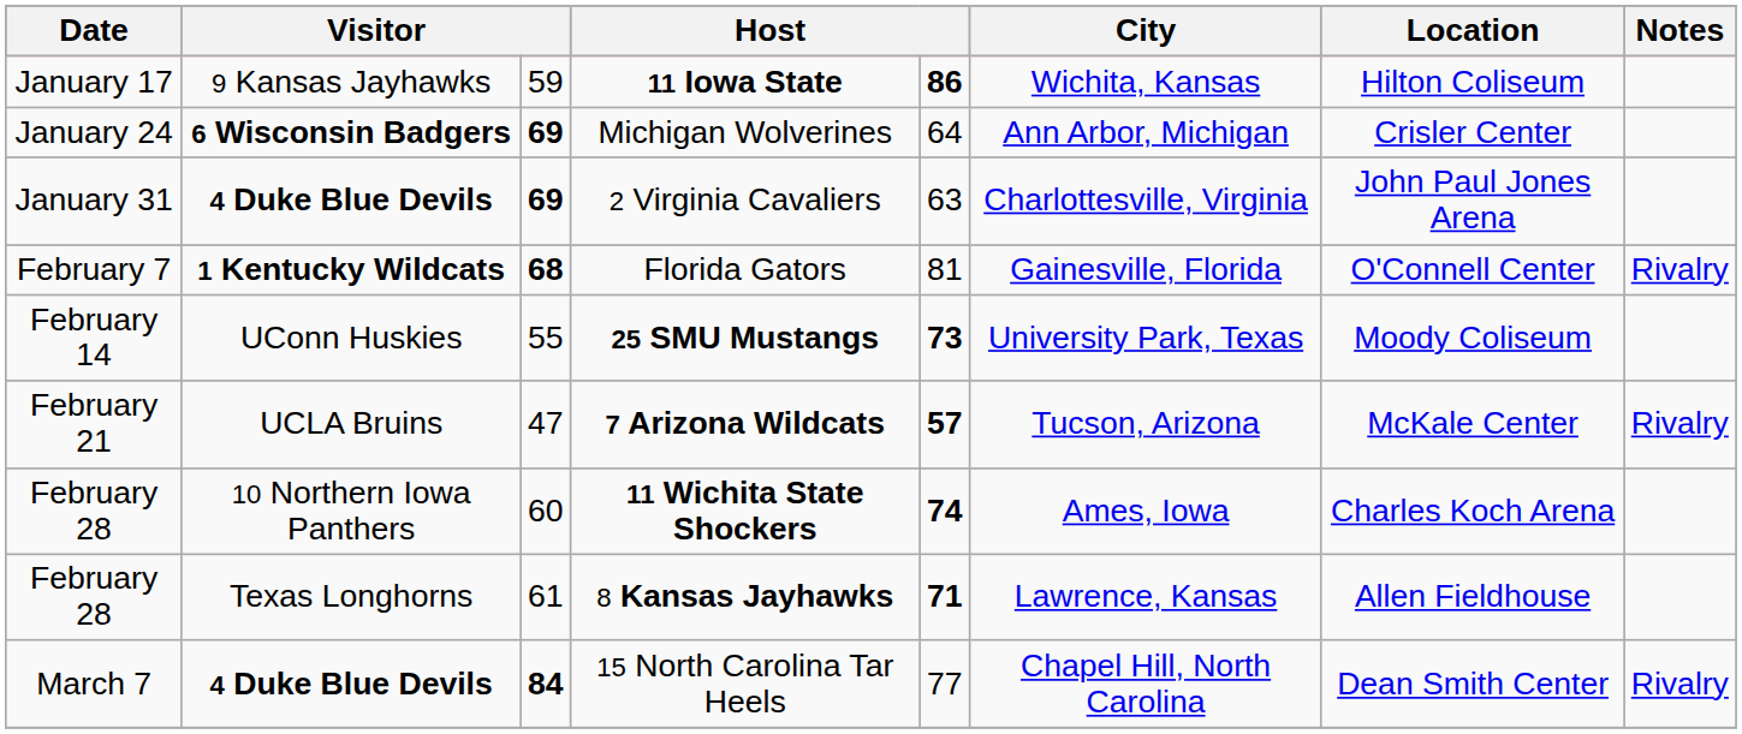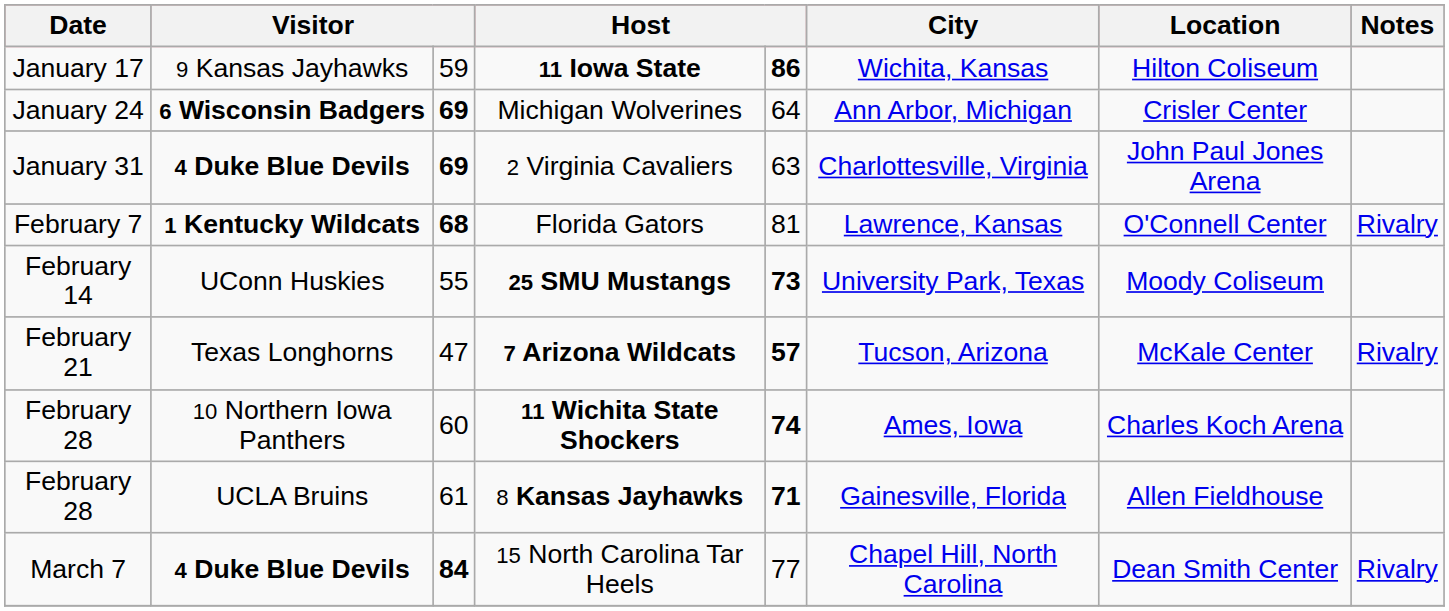 <table class="wikitable" style="text-align:center">
 <tr style="background:#A32638;"|>
 <th>Date</th>
 <th colspan=2>Visitor</th>
 <th colspan=2>Host</th>
 <th>City</th>
 <th>Location</th>
 <th>Notes</th>
 </tr>
 <tr>
 <td>January 17</td>
 <td><small>9</small> Kansas Jayhawks</td>
 <td>59</td>
 <td><strong><small>11</small> Iowa State</strong></td>
 <td><strong>86</strong></td>
 <td><a href='#'>Wichita, Kansas</a></td>
 <td><a href='#'>Hilton Coliseum</a></td>
 <td></td>
 </tr>
 <tr>
 <td>January 24</td>
 <td><strong><small>6</small> Wisconsin Badgers</strong></td>
 <td><strong>69</strong></td>
 <td>Michigan Wolverines</td>
 <td>64</td>
 <td><a href='#'>Ann Arbor, Michigan</a></td>
 <td><a href='#'>Crisler Center</a></td>
 <td></td>
 </tr>
 <tr>
 <td>January 31</td>
 <td><strong><small>4</small> Duke Blue Devils</strong></td>
 <td><strong>69</strong></td>
 <td><small>2</small> Virginia Cavaliers</td>
 <td>63</td>
 <td><a href='#'>Charlottesville, Virginia</a></td>
 <td><a href='#'>John Paul Jones Arena</a></td>
 <td></td>
 </tr>
 <tr>
 <td>February 7</td>
 <td><strong><small>1</small> Kentucky Wildcats</strong></td>
 <td><strong>68</strong></td>
 <td>Florida Gators</td>
 <td>81</td>
-<td><a href='#'>Gainesville, Florida</a></td>
+<td><a href='#'>Lawrence, Kansas</a></td>
 <td><a href='#'>O'Connell Center</a></td>
 <td><a href='#'>Rivalry</a></td>
 </tr>
 <tr>
 <td>February 14</td>
 <td>UConn Huskies</td>
 <td>55</td>
 <td><strong><small>25</small> SMU Mustangs</strong></td>
 <td><strong>73</strong></td>
 <td><a href='#'>University Park, Texas</a></td>
 <td><a href='#'>Moody Coliseum</a></td>
 <td></td>
 </tr>
 <tr>
 <td>February 21</td>
-<td>UCLA Bruins</td>
+<td>Texas Longhorns</td>
 <td>47</td>
 <td><strong><small>7</small> Arizona Wildcats</strong></td>
 <td><strong>57</strong></td>
 <td><a href='#'>Tucson, Arizona</a></td>
 <td><a href='#'>McKale Center</a></td>
 <td><a href='#'>Rivalry</a></td>
 </tr>
 <tr>
 <td>February 28</td>
 <td><small>10</small> Northern Iowa Panthers</td>
 <td>60</td>
 <td><strong><small>11</small> Wichita State Shockers</strong></td>
 <td><strong>74</strong></td>
 <td><a href='#'>Ames, Iowa</a></td>
 <td><a href='#'>Charles Koch Arena</a></td>
 <td></td>
 </tr>
 <tr>
 <td>February 28</td>
-<td>Texas Longhorns</td>
+<td>UCLA Bruins</td>
 <td>61</td>
 <td><small>8</small> <strong>Kansas Jayhawks</strong></td>
 <td><strong>71</strong></td>
-<td><a href='#'>Lawrence, Kansas</a></td>
+<td><a href='#'>Gainesville, Florida</a></td>
 <td><a href='#'>Allen Fieldhouse</a></td>
 <td></td>
 </tr>
 <tr>
 <td>March 7</td>
 <td><strong><small>4</small> Duke Blue Devils</strong></td>
 <td><strong>84</strong></td>
 <td><small>15</small> North Carolina Tar Heels</td>
 <td>77</td>
 <td><a href='#'>Chapel Hill, North Carolina</a></td>
 <td><a href='#'>Dean Smith Center</a></td>
 <td><a href='#'>Rivalry</a></td>
 </tr>
 <tr>
 </tr>
 </table>
